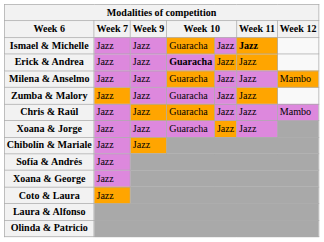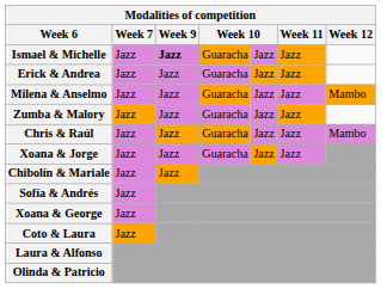 <table class="wikitable collapsible collapsed" style="text-align:left; font-size:85%; line-height:16px;">
 <tr>
 <th colspan=7>Modalities of competition</th>
 </tr>
 <tr>
 <th>Week 6</th>
 <th>Week 7</th>
 <th>Week 9</th>
 <th colspan=2>Week 10</th>
 <th>Week 11</th>
 <th>Week 12</th>
 </tr>
 <tr>
 <th>Ismael & Michelle</th>
 <td style="background:#dd88dd;">Jazz</td>
-<td style="background:#dd88dd;">Jazz</td>
+<td style="background:#dd88dd;"><strong>Jazz</strong></td>
 <td style="background:orange;">Guaracha</td>
 <td style="background:#dd88dd;">Jazz</td>
-<td style="background:orange;"><strong>Jazz</strong></td>
+<td style="background:orange;">Jazz</td>
 <td></td>
 </tr>
 <tr>
 <th>Erick & Andrea</th>
 <td style="background:#dd88dd;">Jazz</td>
 <td style="background:#dd88dd;">Jazz</td>
-<td style="background:#dd88dd;"><strong>Guaracha</strong></td>
+<td style="background:#dd88dd;">Guaracha</td>
 <td style="background:orange;">Jazz</td>
 <td style="background:orange;">Jazz</td>
 <td></td>
 </tr>
 <tr>
 <th>Milena & Anselmo</th>
 <td style="background:#dd88dd;">Jazz</td>
 <td style="background:#dd88dd;">Jazz</td>
 <td style="background:orange;">Guaracha</td>
 <td style="background:#dd88dd;">Jazz</td>
 <td style="background:#dd88dd;">Jazz</td>
 <td style="background:orange;">Mambo</td>
 </tr>
 <tr>
 <th>Zumba & Malory</th>
 <td style="background:orange;">Jazz</td>
 <td style="background:#dd88dd;">Jazz</td>
 <td style="background:#dd88dd;">Guaracha</td>
 <td style="background:#dd88dd;">Jazz</td>
 <td style="background:orange;">Jazz</td>
 <td></td>
 </tr>
 <tr>
 <th>Chris & Raúl</th>
 <td style="background:#dd88dd;">Jazz</td>
 <td style="background:orange;">Jazz</td>
 <td style="background:orange;">Guaracha</td>
 <td style="background:#dd88dd;">Jazz</td>
 <td style="background:#dd88dd;">Jazz</td>
 <td style="background:#dd88dd;">Mambo</td>
 </tr>
 <tr>
 <th>Xoana & Jorge</th>
 <td style="background:#dd88dd;">Jazz</td>
 <td style="background:#dd88dd;">Jazz</td>
 <td style="background:#dd88dd;">Guaracha</td>
 <td style="background:orange;">Jazz</td>
 <td style="background:#dd88dd;">Jazz</td>
 <td style="background:darkgrey;" colspan="1"></td>
 </tr>
 <tr>
 <th>Chibolín & Mariale</th>
 <td style="background:#dd88dd;">Jazz</td>
 <td style="background:orange;">Jazz</td>
 <td style="background:darkgrey;" colspan="4"></td>
 </tr>
 <tr>
 <th>Sofía & Andrés</th>
 <td style="background:#dd88dd;">Jazz</td>
 <td style="background:darkgrey;" colspan="5"></td>
 </tr>
 <tr>
 <th>Xoana & George</th>
 <td style="background:#dd88dd;">Jazz</td>
 <td style="background:darkgrey;" colspan="5"></td>
 </tr>
 <tr>
 <th>Coto & Laura</th>
 <td style="background:orange;">Jazz</td>
 <td style="background:darkgrey;" colspan="5"></td>
 </tr>
 <tr>
 <th>Laura & Alfonso</th>
 <td style="background:darkgrey;" colspan="7"></td>
 </tr>
 <tr>
 <th>Olinda & Patricio</th>
 <td style="background:darkgrey;" colspan="7"></td>
 </tr>
 </table>
